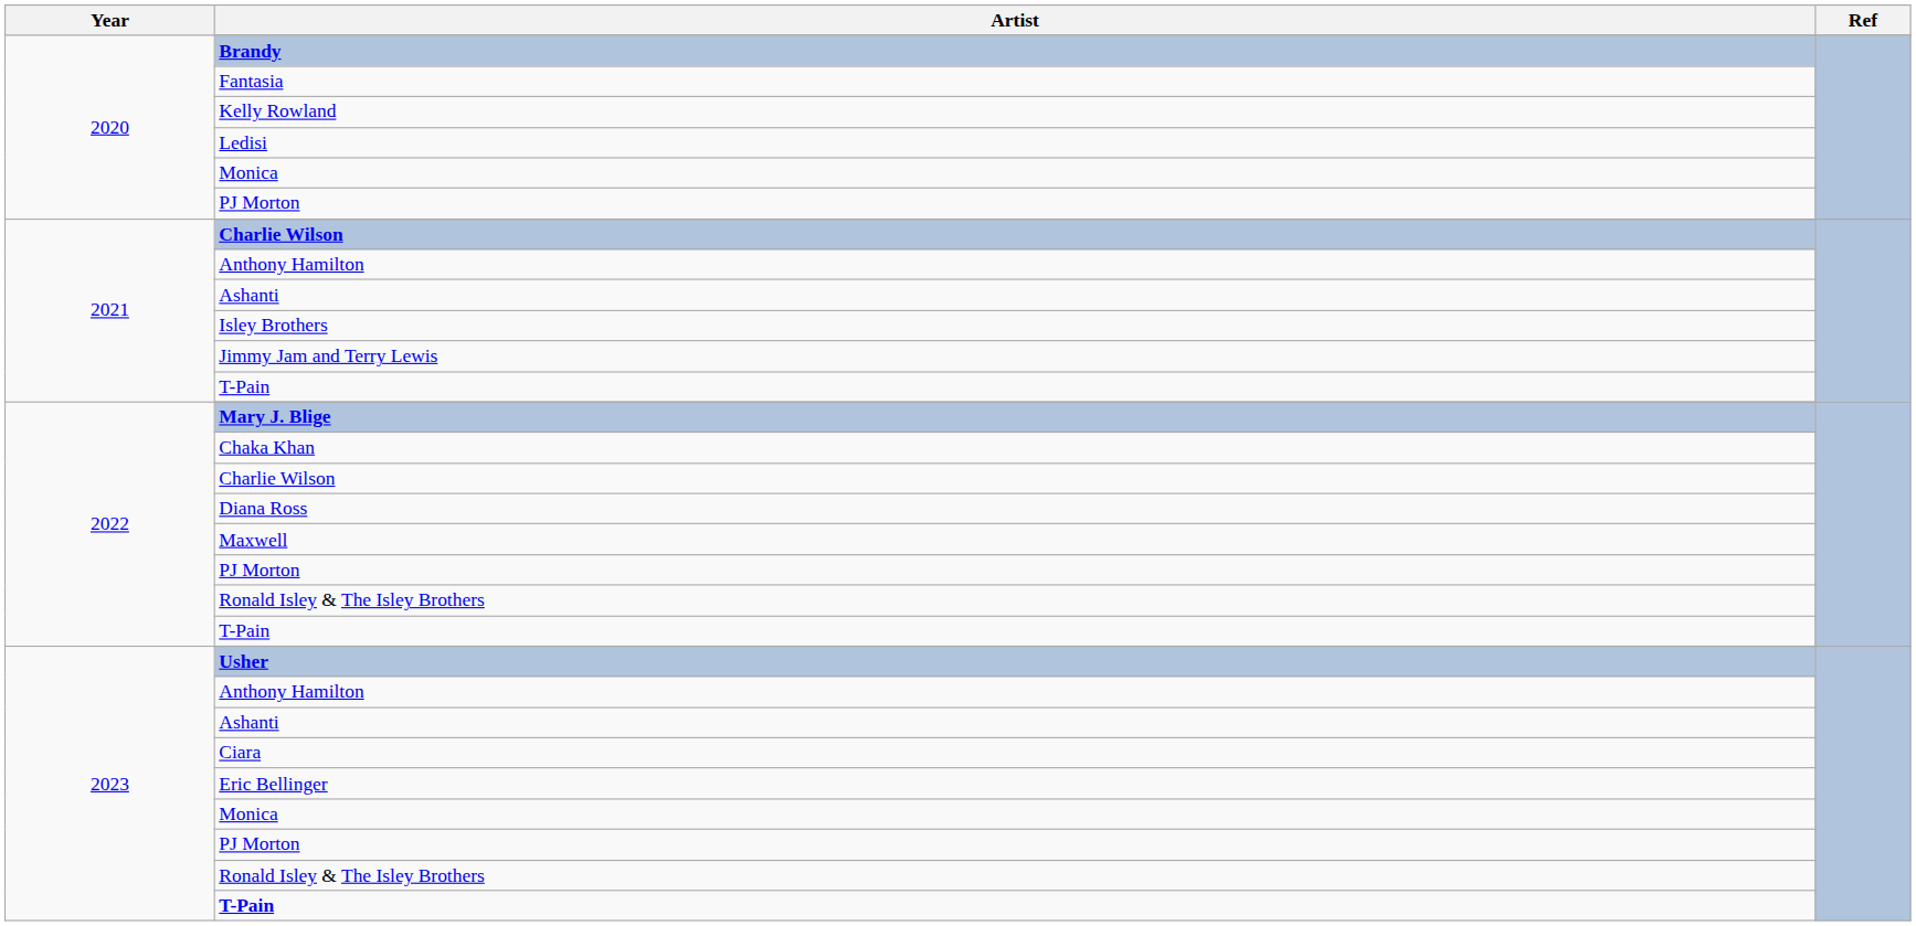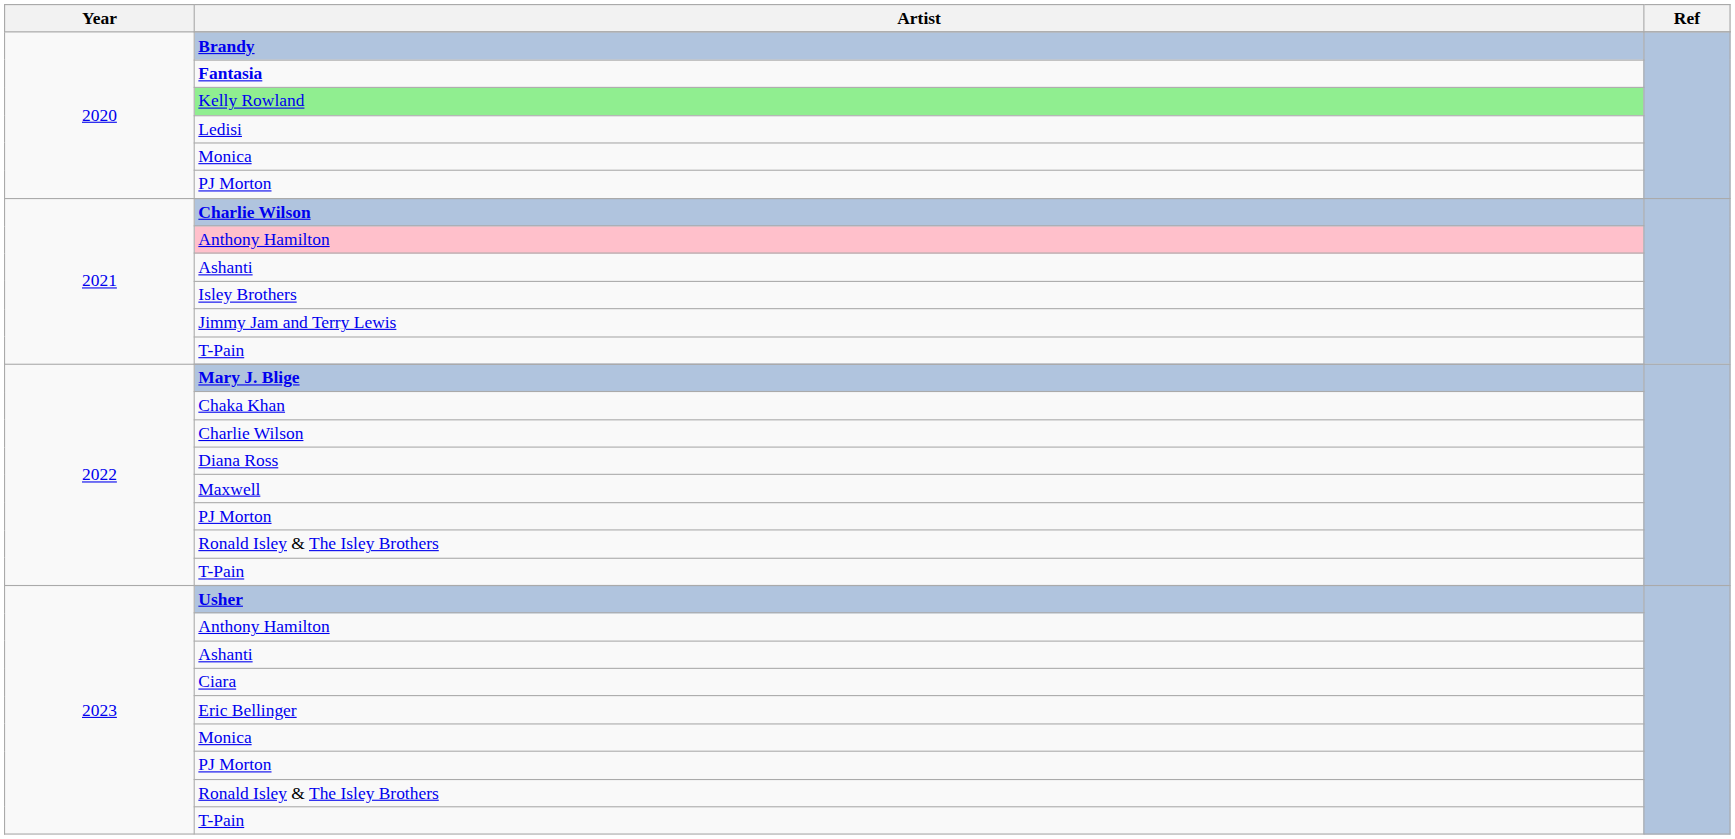 <table class="wikitable" style="width:100%;">
 <tr style="background:#bebebe;">
 <th style="width:11%;">Year</th>
 <th style="width:84%;">Artist</th>
 <th style="width:5%;">Ref</th>
 </tr>
 <tr>
 <td rowspan="7" align="center"><a href='#'>2020</a></td>
 </tr>
 <tr style="background:#B0C4DE">
 <td><strong><a href='#'>Brandy</a></strong></td>
 <td rowspan="7" align="center"></td>
 </tr>
 <tr>
-<td><a href='#'>Fantasia</a></td>
+<td><strong><a href='#'>Fantasia</a></strong></td>
 </tr>
 <tr>
-<td><a href='#'>Kelly Rowland</a></td>
+<td style="background: lightgreen;"><a href='#'>Kelly Rowland</a></td>
 </tr>
 <tr>
 <td><a href='#'>Ledisi</a></td>
 </tr>
 <tr>
 <td><a href='#'>Monica</a></td>
 </tr>
 <tr>
 <td><a href='#'>PJ Morton</a></td>
 </tr>
 <tr>
 <td rowspan="7" align="center"><a href='#'>2021</a></td>
 </tr>
 <tr style="background:#B0C4DE">
 <td><strong><a href='#'>Charlie Wilson</a></strong></td>
 <td rowspan="7" align="center"></td>
 </tr>
 <tr>
-<td><a href='#'>Anthony Hamilton</a></td>
+<td style="background: pink;"><a href='#'>Anthony Hamilton</a></td>
 </tr>
 <tr>
 <td><a href='#'>Ashanti</a></td>
 </tr>
 <tr>
 <td><a href='#'>Isley Brothers</a></td>
 </tr>
 <tr>
 <td><a href='#'>Jimmy Jam and Terry Lewis</a></td>
 </tr>
 <tr>
 <td><a href='#'>T-Pain</a></td>
 </tr>
 <tr>
 <td rowspan="9" align="center"><a href='#'>2022</a></td>
 </tr>
 <tr style="background:#B0C4DE">
 <td><strong><a href='#'>Mary J. Blige</a></strong></td>
 <td rowspan="9" align="center"></td>
 </tr>
 <tr>
 <td><a href='#'>Chaka Khan</a></td>
 </tr>
 <tr>
 <td><a href='#'>Charlie Wilson</a></td>
 </tr>
 <tr>
 <td><a href='#'>Diana Ross</a></td>
 </tr>
 <tr>
 <td><a href='#'>Maxwell</a></td>
 </tr>
 <tr>
 <td><a href='#'>PJ Morton</a></td>
 </tr>
 <tr>
 <td><a href='#'>Ronald Isley</a> & <a href='#'>The Isley Brothers</a></td>
 </tr>
 <tr>
 <td><a href='#'>T-Pain</a></td>
 </tr>
 <tr>
 <td rowspan="10" align="center"><a href='#'>2023</a></td>
 </tr>
 <tr style="background:#B0C4DE">
 <td><strong><a href='#'>Usher</a></strong></td>
 <td rowspan="10" align="center"></td>
 </tr>
 <tr>
 <td><a href='#'>Anthony Hamilton</a></td>
 </tr>
 <tr>
 <td><a href='#'>Ashanti</a></td>
 </tr>
 <tr>
 <td><a href='#'>Ciara</a></td>
 </tr>
 <tr>
 <td><a href='#'>Eric Bellinger</a></td>
 </tr>
 <tr>
 <td><a href='#'>Monica</a></td>
 </tr>
 <tr>
 <td><a href='#'>PJ Morton</a></td>
 </tr>
 <tr>
 <td><a href='#'>Ronald Isley</a> & <a href='#'>The Isley Brothers</a></td>
 </tr>
 <tr>
-<td><strong><a href='#'>T-Pain</a></strong></td>
+<td><a href='#'>T-Pain</a></td>
 </tr>
 </table>
